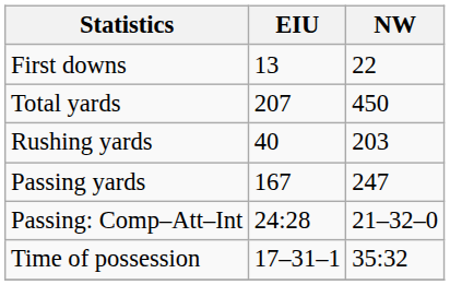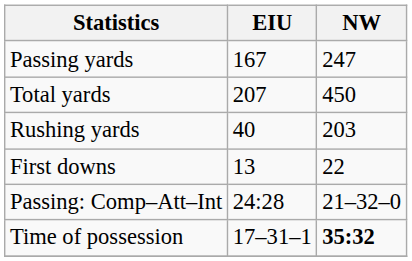 <table class="wikitable" style="float: left;">
 <tr>
 <th>Statistics</th>
 <th>EIU</th>
 <th>NW</th>
 </tr>
 <tr>
-<td>First downs</td>
-<td>13</td>
-<td>22</td>
+<td>Passing yards</td>
+<td>167</td>
+<td>247</td>
 </tr>
 <tr>
 <td>Total yards</td>
 <td>207</td>
 <td>450</td>
 </tr>
 <tr>
 <td>Rushing yards</td>
 <td>40</td>
 <td>203</td>
 </tr>
 <tr>
-<td>Passing yards</td>
-<td>167</td>
-<td>247</td>
+<td>First downs</td>
+<td>13</td>
+<td>22</td>
 </tr>
 <tr>
 <td>Passing: Comp–Att–Int</td>
 <td>24:28</td>
 <td>21–32–0</td>
 </tr>
 <tr>
 <td>Time of possession</td>
 <td>17–31–1</td>
-<td>35:32</td>
+<td><strong>35:32</strong></td>
 </tr>
 <tr>
 </tr>
 </table>
